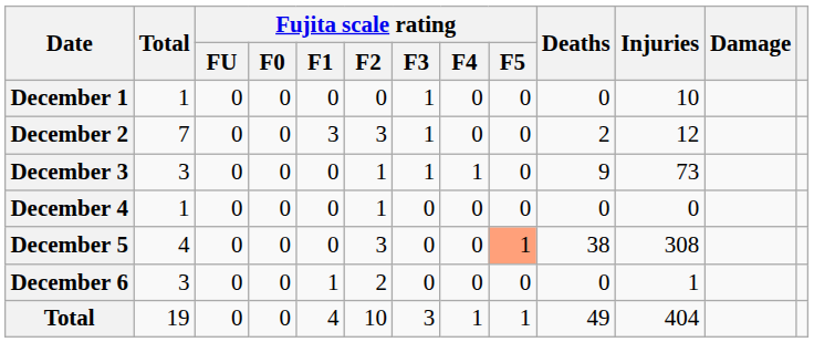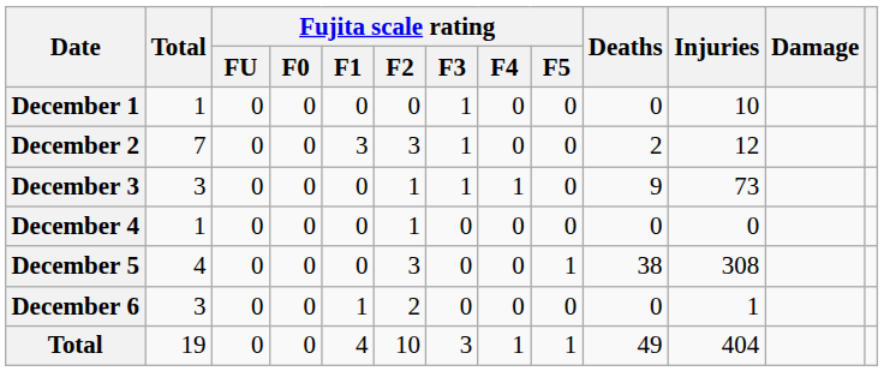 <table class="wikitable sortable" style="margin: 1em auto 1em auto;float:left">
 <tr>
 <th scope="col" rowspan="2">Date</th>
 <th scope="col" rowspan="2" align="center">Total</th>
 <th scope="col" colspan="7" align="center"><a href='#'>Fujita scale</a> rating</th>
 <th scope="col" rowspan="2" align="center">Deaths</th>
 <th scope="col" rowspan="2" align="center">Injuries</th>
 <th scope="col" rowspan="2" align="center">Damage</th>
 <th scope="col" rowspan="2" align="center" class="unsortable"></th>
 </tr>
 <tr>
 <th scope="col" align="center"> FU </th>
 <th scope="col" align="center"> F0 </th>
 <th scope="col" align="center"> F1 </th>
 <th scope="col" align="center"> F2 </th>
 <th scope="col" align="center"> F3 </th>
 <th scope="col" align="center"> F4 </th>
 <th scope="col" align="center"> F5 </th>
 </tr>
 <tr>
 <th scope="row">December 1</th>
 <td align="right">1</td>
 <td align="right">0</td>
 <td align="right">0</td>
 <td align="right">0</td>
 <td align="right">0</td>
 <td align="right">1</td>
 <td align="right">0</td>
 <td align="right">0</td>
 <td align="right">0</td>
 <td align="right">10</td>
 <td align="right”"></td>
 <td></td>
 </tr>
 <tr>
 <th scope="row">December 2</th>
 <td align="right">7</td>
 <td align="right">0</td>
 <td align="right">0</td>
 <td align="right">3</td>
 <td align="right">3</td>
 <td align="right">1</td>
 <td align="right">0</td>
 <td align="right">0</td>
 <td align="right">2</td>
 <td align="right">12</td>
 <td align="right”"></td>
 <td></td>
 </tr>
 <tr>
 <th scope="row">December 3</th>
 <td align="right">3</td>
 <td align="right">0</td>
 <td align="right">0</td>
 <td align="right">0</td>
 <td align="right">1</td>
 <td align="right">1</td>
 <td align="right">1</td>
 <td align="right">0</td>
 <td align="right">9</td>
 <td align="right">73</td>
 <td align="right”"></td>
 <td></td>
 </tr>
 <tr>
 <th scope="row">December 4</th>
 <td align="right">1</td>
 <td align="right">0</td>
 <td align="right">0</td>
 <td align="right">0</td>
 <td align="right">1</td>
 <td align="right">0</td>
 <td align="right">0</td>
 <td align="right">0</td>
 <td align="right">0</td>
 <td align="right">0</td>
 <td align="right”"></td>
 <td></td>
 </tr>
 <tr>
 <th scope="row">December 5</th>
 <td align="right">4</td>
 <td align="right">0</td>
 <td align="right">0</td>
 <td align="right">0</td>
 <td align="right">3</td>
 <td align="right">0</td>
 <td align="right">0</td>
-<td align="right" style="background: lightsalmon;">1</td>
+<td align="right">1</td>
 <td align="right">38</td>
 <td align="right">308</td>
 <td align="right”"></td>
 <td></td>
 </tr>
 <tr>
 <th scope="row">December 6</th>
 <td align="right">3</td>
 <td align="right">0</td>
 <td align="right">0</td>
 <td align="right">1</td>
 <td align="right">2</td>
 <td align="right">0</td>
 <td align="right">0</td>
 <td align="right">0</td>
 <td align="right">0</td>
 <td align="right">1</td>
 <td align="right”"></td>
 <td></td>
 </tr>
 <tr class="sortbottom">
 <th scope="row">Total</th>
 <td align="right">19</td>
 <td align="right">0</td>
 <td align="right">0</td>
 <td align="right">4</td>
 <td align="right">10</td>
 <td align="right">3</td>
 <td align="right">1</td>
 <td align="right">1</td>
 <td align="right">49</td>
 <td align="right">404</td>
 <td align="right"></td>
 <td></td>
 </tr>
 </table>
